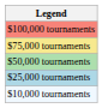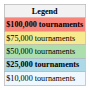 <table class="wikitable" style="font-size:85%;">
 <tr>
 <th>Legend</th>
 </tr>
 <tr bgcolor="#F88379">
-<td>$100,000 tournaments</td>
+<td><strong>$100,000 tournaments</strong></td>
 </tr>
 <tr bgcolor="#F7E98E">
 <td>$75,000 tournaments</td>
 </tr>
 <tr bgcolor="#ADDFAD">
 <td>$50,000 tournaments</td>
 </tr>
 <tr bgcolor="lightblue">
-<td>$25,000 tournaments</td>
+<td><strong>$25,000 tournaments</strong></td>
 </tr>
 <tr bgcolor="#f0f8ff">
 <td>$10,000 tournaments</td>
 </tr>
 </table>
